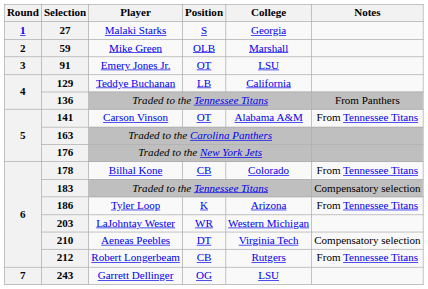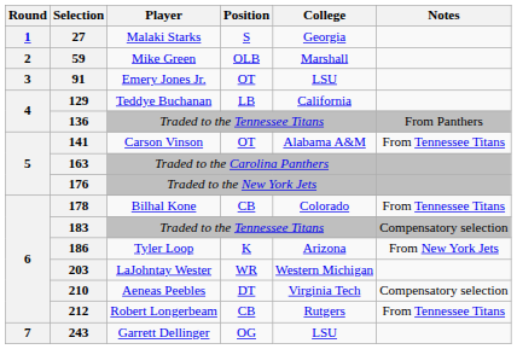 <table class="wikitable" style="text-align:center">
 <tr>
 <th>Round</th>
 <th>Selection</th>
 <th>Player</th>
 <th>Position</th>
 <th>College</th>
 <th>Notes</th>
 </tr>
 <tr>
 <th><a href='#'>1</a></th>
 <th>27</th>
 <td><a href='#'>Malaki Starks</a></td>
 <td><a href='#'>S</a></td>
 <td><a href='#'>Georgia</a></td>
 <td></td>
 </tr>
 <tr>
 <th>2</th>
 <th>59</th>
 <td><a href='#'>Mike Green</a></td>
 <td><a href='#'>OLB</a></td>
 <td><a href='#'>Marshall</a></td>
 <td></td>
 </tr>
 <tr>
 <th>3</th>
 <th>91</th>
 <td><a href='#'>Emery Jones Jr.</a></td>
 <td><a href='#'>OT</a></td>
 <td><a href='#'>LSU</a></td>
 <td></td>
 </tr>
 <tr>
 <th rowspan="2">4</th>
 <th>129</th>
 <td><a href='#'>Teddye Buchanan</a></td>
 <td><a href='#'>LB</a></td>
 <td><a href='#'>California</a></td>
 <td></td>
 </tr>
 <tr>
 <th>136</th>
 <td colspan="3" style="background:#BFBFBF"><em>Traded to the <a href='#'>Tennessee Titans</a></em></td>
 <td style="background:#BFBFBF">From Panthers</td>
 </tr>
 <tr>
 <th rowspan="3">5</th>
 <th>141</th>
 <td><a href='#'>Carson Vinson</a></td>
 <td><a href='#'>OT</a></td>
 <td><a href='#'>Alabama A&M</a></td>
 <td>From <a href='#'>Tennessee Titans</a></td>
 </tr>
 <tr>
 <th>163</th>
 <td colspan="3" style="background:#BFBFBF"><em>Traded to the <a href='#'>Carolina Panthers</a></em></td>
 <td style="background:#BFBFBF"></td>
 </tr>
 <tr>
 <th>176</th>
 <td colspan="3" style="background:#BFBFBF"><em>Traded to the <a href='#'>New York Jets</a></em></td>
 <td style="background:#BFBFBF"></td>
 </tr>
 <tr>
 <th rowspan="6">6</th>
 <th>178</th>
 <td><a href='#'>Bilhal Kone</a></td>
 <td><a href='#'>CB</a></td>
 <td><a href='#'>Colorado</a></td>
 <td>From <a href='#'>Tennessee Titans</a></td>
 </tr>
 <tr>
 <th>183</th>
 <td colspan="3" style="background:#BFBFBF"><em>Traded to the <a href='#'>Tennessee Titans</a></em></td>
 <td style="background:#BFBFBF">Compensatory selection</td>
 </tr>
 <tr>
 <th>186</th>
 <td><a href='#'>Tyler Loop</a></td>
 <td><a href='#'>K</a></td>
 <td><a href='#'>Arizona</a></td>
-<td>From <a href='#'>Tennessee Titans</a></td>
+<td>From <a href='#'>New York Jets</a></td>
 </tr>
 <tr>
 <th>203</th>
 <td><a href='#'>LaJohntay Wester</a></td>
 <td><a href='#'>WR</a></td>
 <td><a href='#'>Western Michigan</a></td>
 <td></td>
 </tr>
 <tr>
 <th>210</th>
 <td><a href='#'>Aeneas Peebles</a></td>
 <td><a href='#'>DT</a></td>
 <td><a href='#'>Virginia Tech</a></td>
 <td>Compensatory selection</td>
 </tr>
 <tr>
 <th>212</th>
 <td><a href='#'>Robert Longerbeam</a></td>
 <td><a href='#'>CB</a></td>
 <td><a href='#'>Rutgers</a></td>
 <td>From <a href='#'>Tennessee Titans</a></td>
 </tr>
 <tr>
 <th>7</th>
 <th>243</th>
 <td><a href='#'>Garrett Dellinger</a></td>
 <td><a href='#'>OG</a></td>
 <td><a href='#'>LSU</a></td>
 <td></td>
 </tr>
 </table>
